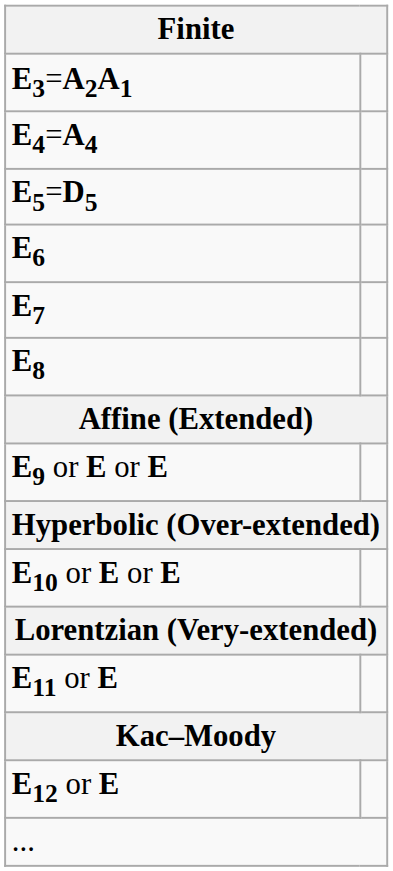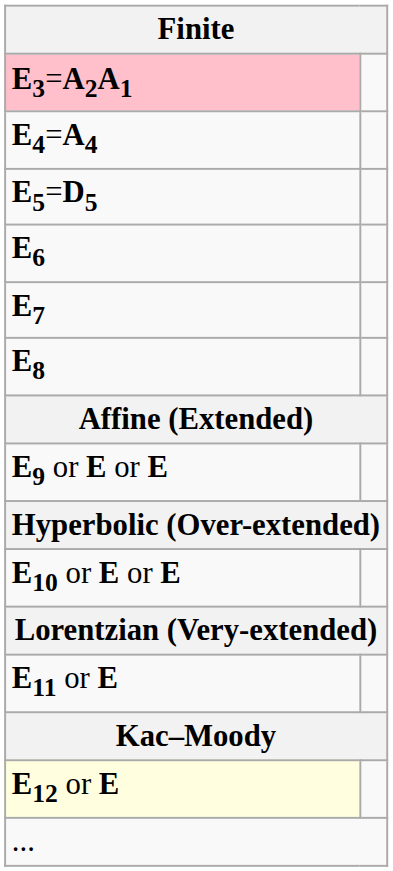 <table align=right class=wikitable>
 <tr>
 <th colspan=2>Finite</th>
 </tr>
 <tr>
-<td><strong>E<sub>3</sub></strong>=<strong>A<sub>2</sub>A<sub>1</sub></strong></td>
+<td style="background: pink;"><strong>E<sub>3</sub></strong>=<strong>A<sub>2</sub>A<sub>1</sub></strong></td>
 <td></td>
 </tr>
 <tr>
 <td><strong>E<sub>4</sub></strong>=<strong>A<sub>4</sub></strong></td>
 <td></td>
 </tr>
 <tr>
 <td><strong>E<sub>5</sub></strong>=<strong>D<sub>5</sub></strong></td>
 <td></td>
 </tr>
 <tr>
 <td><strong>E<sub>6</sub></strong></td>
 <td></td>
 </tr>
 <tr>
 <td><strong>E<sub>7</sub></strong></td>
 <td></td>
 </tr>
 <tr>
 <td><strong>E<sub>8</sub></strong></td>
 <td></td>
 </tr>
 <tr>
 <th colspan=2>Affine (Extended)</th>
 </tr>
 <tr>
 <td><strong>E<sub>9</sub></strong> or <strong>E</strong> or <strong>E</strong></td>
 <td></td>
 </tr>
 <tr>
 <th colspan=2>Hyperbolic (Over-extended)</th>
 </tr>
 <tr>
 <td><strong>E<sub>10</sub></strong> or <strong>E</strong> or <strong>E</strong></td>
 <td></td>
 </tr>
 <tr>
 <th colspan=2>Lorentzian (Very-extended)</th>
 </tr>
 <tr>
 <td><strong>E<sub>11</sub></strong> or <strong>E</strong></td>
 <td></td>
 </tr>
 <tr>
 <th colspan=2>Kac–Moody</th>
 </tr>
 <tr>
-<td><strong>E<sub>12</sub></strong> or <strong>E</strong></td>
+<td style="background: lightyellow;"><strong>E<sub>12</sub></strong> or <strong>E</strong></td>
 <td></td>
 </tr>
 <tr>
 <td colspan=2>...</td>
 </tr>
 </table>
